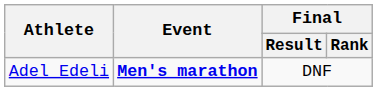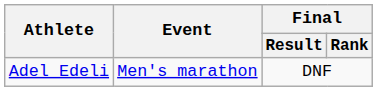 <table class="wikitable" style="font-size:90%">
 <tr>
 <th rowspan="2">Athlete</th>
 <th rowspan="2">Event</th>
 <th colspan="2">Final</th>
 </tr>
 <tr style="font-size:95%">
 <th>Result</th>
 <th>Rank</th>
 </tr>
 <tr align=center>
 <td align=left><a href='#'>Adel Edeli</a></td>
-<td align=left><strong><a href='#'>Men's marathon</a></strong></td>
+<td align=left><a href='#'>Men's marathon</a></td>
 <td colspan=2>DNF</td>
 </tr>
 </table>
